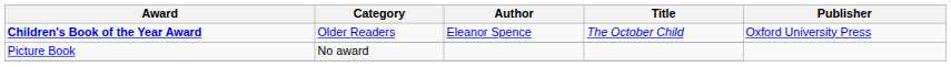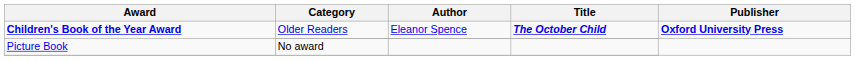 <table class="wikitable" width=100%>
 <tr>
 <th>Award</th>
 <th>Category</th>
 <th>Author</th>
 <th>Title</th>
 <th>Publisher</th>
 </tr>
 <tr>
 <td rowspan=2><strong><a href='#'>Children's Book of the Year Award</a></strong></td>
 <td><a href='#'>Older Readers</a></td>
 <td><a href='#'>Eleanor Spence</a></td>
-<td><em><a href='#'>The October Child</a></em></td>
-<td><a href='#'>Oxford University Press</a></td>
+<td><strong><em><a href='#'>The October Child</a></em></strong></td>
+<td><strong><a href='#'>Oxford University Press</a></strong></td>
 </tr>
 <tr>
 </tr>
 <tr>
 <td><a href='#'>Picture Book</a></td>
 <td>No award</td>
 <td></td>
 <td></td>
 </tr>
 <tr>
 </tr>
 </table>
